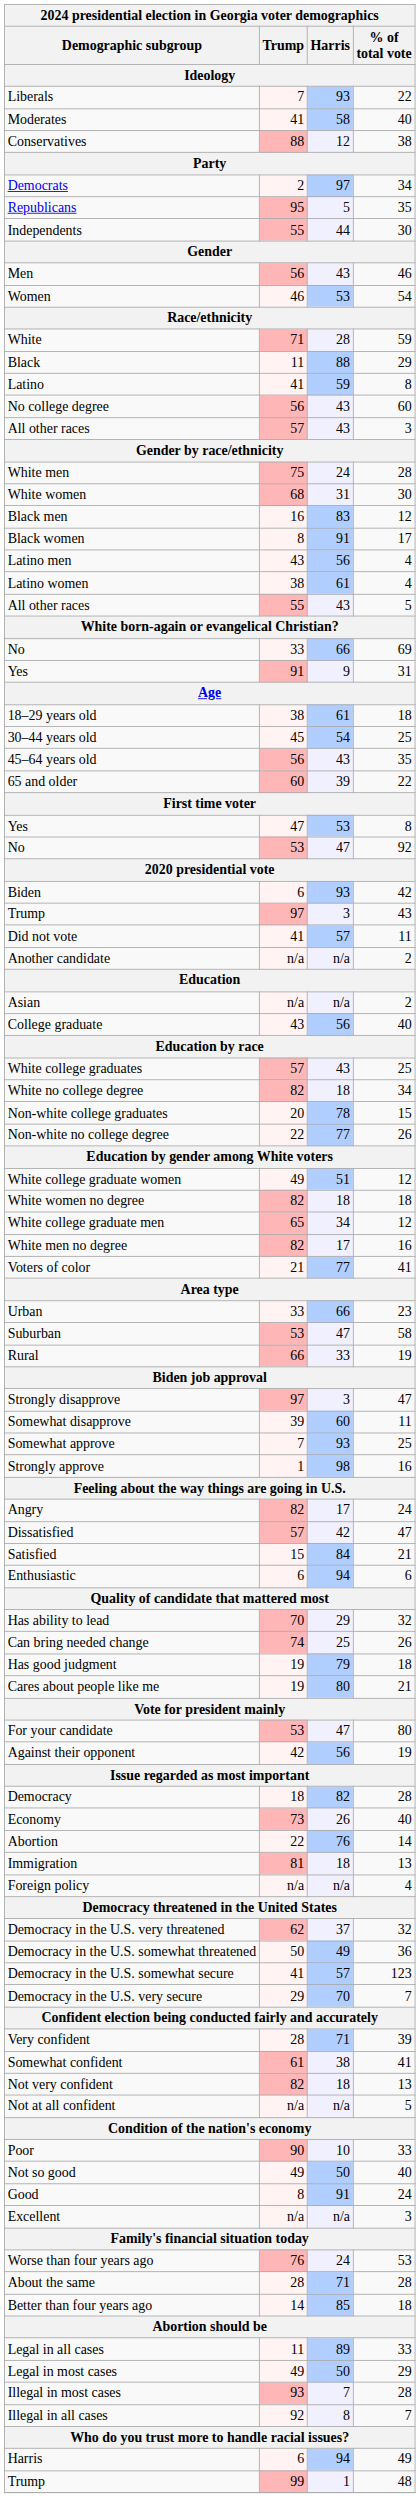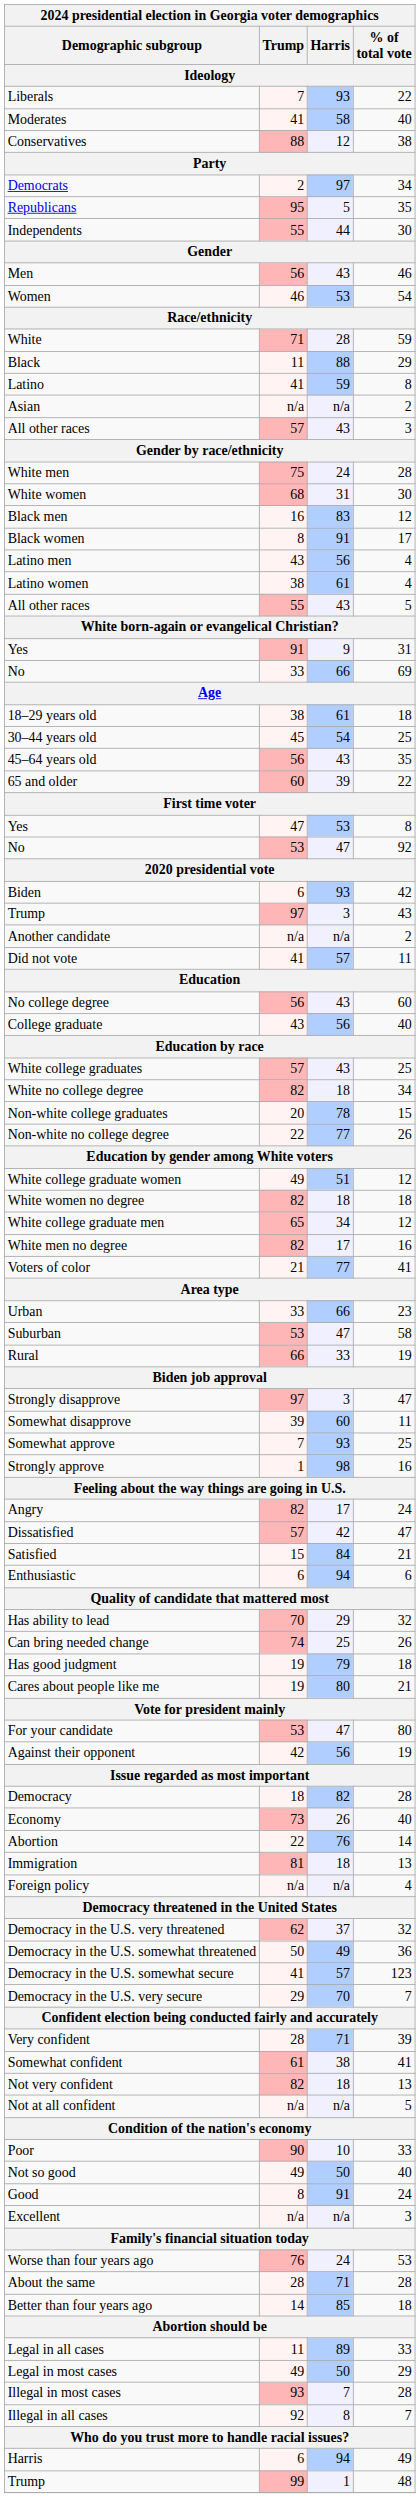 <table class="wikitable sortable">
 <tr>
 <th colspan="4">2024 presidential election in Georgia voter demographics</th>
 </tr>
 <tr>
 <th>Demographic subgroup</th>
 <th>Trump</th>
 <th>Harris</th>
 <th>% of<br>total vote</th>
 </tr>
 <tr>
 <th colspan="4">Ideology</th>
 </tr>
 <tr>
 <td>Liberals</td>
 <td style="text-align:right; background:#fff3f3;">7</td>
 <td style="text-align:right; background:#b0ceff;">93</td>
 <td style="text-align:right;">22</td>
 </tr>
 <tr>
 <td>Moderates</td>
 <td style="text-align:right; background:#fff3f3;">41</td>
 <td style="text-align:right; background:#b0ceff;">58</td>
 <td style="text-align:right;">40</td>
 </tr>
 <tr>
 <td>Conservatives</td>
 <td style="text-align:right; background:#ffb6b6;">88</td>
 <td style="text-align:right; background:#f0f0ff;">12</td>
 <td style="text-align:right;">38</td>
 </tr>
 <tr>
 <th colspan="4">Party</th>
 </tr>
 <tr>
 <td><a href='#'>Democrats</a></td>
 <td style="text-align:right; background:#fff3f3;">2</td>
 <td style="text-align:right; background:#b0ceff;">97</td>
 <td style="text-align:right;">34</td>
 </tr>
 <tr>
 <td><a href='#'>Republicans</a></td>
 <td style="text-align:right; background:#ffb6b6;">95</td>
 <td style="text-align:right; background:#f0f0ff;">5</td>
 <td style="text-align:right;">35</td>
 </tr>
 <tr>
 <td>Independents</td>
 <td style="text-align:right; background:#ffb6b6;">55</td>
 <td style="text-align:right; background:#f0f0ff;">44</td>
 <td style="text-align:right;">30</td>
 </tr>
 <tr>
 <th colspan="4">Gender</th>
 </tr>
 <tr>
 <td>Men</td>
 <td style="text-align:right; background:#ffb6b6;">56</td>
 <td style="text-align:right; background:#f0f0ff;">43</td>
 <td style="text-align:right;">46</td>
 </tr>
 <tr>
 <td>Women</td>
 <td style="text-align:right; background:#fff3f3;">46</td>
 <td style="text-align:right; background:#b0ceff;">53</td>
 <td style="text-align:right;">54</td>
 </tr>
 <tr>
 <th colspan="4">Race/ethnicity</th>
 </tr>
 <tr>
 <td>White</td>
 <td style="text-align:right; background:#ffb6b6;">71</td>
 <td style="text-align:right; background:#f0f0ff;">28</td>
 <td style="text-align:right;">59</td>
 </tr>
 <tr>
 <td>Black</td>
 <td style="text-align:right; background:#fff3f3;">11</td>
 <td style="text-align:right; background:#b0ceff;">88</td>
 <td style="text-align:right;">29</td>
 </tr>
 <tr>
 <td>Latino</td>
 <td style="text-align:right; background:#fff3f3;">41</td>
 <td style="text-align:right; background:#b0ceff;">59</td>
 <td style="text-align:right;">8</td>
 </tr>
 <tr>
-<td>No college degree</td>
-<td style="text-align:right; background:#ffb6b6;">56</td>
-<td style="text-align:right; background:#f0f0ff;">43</td>
-<td style="text-align:right;">60</td>
+<td>Asian</td>
+<td style="text-align:right; background:#fff3f3;">n/a</td>
+<td style="text-align:right; background:#f0f0ff;">n/a</td>
+<td style="text-align:right;">2</td>
 </tr>
 <tr>
 <td>All other races</td>
 <td style="text-align:right; background:#ffb6b6;">57</td>
 <td style="text-align:right; background:#f0f0ff;">43</td>
 <td style="text-align:right;">3</td>
 </tr>
 <tr>
 <th colspan="4">Gender by race/ethnicity</th>
 </tr>
 <tr>
 <td>White men</td>
 <td style="text-align:right; background:#ffb6b6;">75</td>
 <td style="text-align:right; background:#f0f0ff;">24</td>
 <td style="text-align:right;">28</td>
 </tr>
 <tr>
 <td>White women</td>
 <td style="text-align:right; background:#ffb6b6;">68</td>
 <td style="text-align:right; background:#f0f0ff;">31</td>
 <td style="text-align:right;">30</td>
 </tr>
 <tr>
 <td>Black men</td>
 <td style="text-align:right; background:#fff3f3;">16</td>
 <td style="text-align:right; background:#b0ceff;">83</td>
 <td style="text-align:right;">12</td>
 </tr>
 <tr>
 <td>Black women</td>
 <td style="text-align:right; background:#fff3f3;">8</td>
 <td style="text-align:right; background:#b0ceff;">91</td>
 <td style="text-align:right;">17</td>
 </tr>
 <tr>
 <td>Latino men</td>
 <td style="text-align:right; background:#fff3f3;">43</td>
 <td style="text-align:right; background:#b0ceff;">56</td>
 <td style="text-align:right;">4</td>
 </tr>
 <tr>
 <td>Latino women</td>
 <td style="text-align:right; background:#fff3f3;">38</td>
 <td style="text-align:right; background:#b0ceff;">61</td>
 <td style="text-align:right;">4</td>
 </tr>
 <tr>
 <td>All other races</td>
 <td style="text-align:right; background:#ffb6b6;">55</td>
 <td style="text-align:right; background:#f0f0ff;">43</td>
 <td style="text-align:right;">5</td>
 </tr>
 <tr>
 <th colspan="4">White born-again or evangelical Christian?</th>
 </tr>
 <tr>
+<td>Yes</td>
+<td style="text-align:right; background:#ffb6b6;">91</td>
+<td style="text-align:right; background:#f0f0ff;">9</td>
+<td style="text-align:right;">31</td>
+</tr>
+<tr>
 <td>No</td>
 <td style="text-align:right; background:#fff3f3;">33</td>
 <td style="text-align:right; background:#b0ceff;">66</td>
 <td style="text-align:right;">69</td>
-</tr>
-<tr>
-<td>Yes</td>
-<td style="text-align:right; background:#ffb6b6;">91</td>
-<td style="text-align:right; background:#f0f0ff;">9</td>
-<td style="text-align:right;">31</td>
 </tr>
 <tr>
 <th colspan="4"><a href='#'>Age</a></th>
 </tr>
 <tr>
 <td>18–29 years old</td>
 <td style="text-align:right; background:#fff3f3;">38</td>
 <td style="text-align:right; background:#b0ceff;">61</td>
 <td style="text-align:right;">18</td>
 </tr>
 <tr>
 <td>30–44 years old</td>
 <td style="text-align:right; background:#fff3f3;">45</td>
 <td style="text-align:right; background:#b0ceff;">54</td>
 <td style="text-align:right;">25</td>
 </tr>
 <tr>
 <td>45–64 years old</td>
 <td style="text-align:right; background:#ffb6b6;">56</td>
 <td style="text-align:right; background:#f0f0ff;">43</td>
 <td style="text-align:right;">35</td>
 </tr>
 <tr>
 <td>65 and older</td>
 <td style="text-align:right; background:#ffb6b6;">60</td>
 <td style="text-align:right; background:#f0f0ff;">39</td>
 <td style="text-align:right;">22</td>
 </tr>
 <tr>
 <th colspan="4">First time voter</th>
 </tr>
 <tr>
 <td>Yes</td>
 <td style="text-align:right; background:#fff3f3;">47</td>
 <td style="text-align:right; background:#b0ceff;">53</td>
 <td style="text-align:right;">8</td>
 </tr>
 <tr>
 <td>No</td>
 <td style="text-align:right; background:#ffb6b6;">53</td>
 <td style="text-align:right; background:#f0f0ff;">47</td>
 <td style="text-align:right;">92</td>
 </tr>
 <tr>
 <th colspan="4">2020 presidential vote</th>
 </tr>
 <tr>
 <td>Biden</td>
 <td style="text-align:right; background:#fff3f3;">6</td>
 <td style="text-align:right; background:#b0ceff;">93</td>
 <td style="text-align:right;">42</td>
 </tr>
 <tr>
 <td>Trump</td>
 <td style="text-align:right; background:#ffb6b6;">97</td>
 <td style="text-align:right; background:#f0f0ff;">3</td>
 <td style="text-align:right;">43</td>
 </tr>
 <tr>
+<td>Another candidate</td>
+<td style="text-align:right; background:#fff3f3;">n/a</td>
+<td style="text-align:right; background:#f0f0ff;">n/a</td>
+<td style="text-align:right;">2</td>
+</tr>
+<tr>
 <td>Did not vote</td>
 <td style="text-align:right; background:#fff3f3;">41</td>
 <td style="text-align:right; background:#b0ceff;">57</td>
 <td style="text-align:right;">11</td>
 </tr>
 <tr>
-<td>Another candidate</td>
-<td style="text-align:right; background:#fff3f3;">n/a</td>
-<td style="text-align:right; background:#f0f0ff;">n/a</td>
-<td style="text-align:right;">2</td>
-</tr>
-<tr>
 <th colspan="4">Education</th>
 </tr>
 <tr>
-<td>Asian</td>
-<td style="text-align:right; background:#fff3f3;">n/a</td>
-<td style="text-align:right; background:#f0f0ff;">n/a</td>
-<td style="text-align:right;">2</td>
+<td>No college degree</td>
+<td style="text-align:right; background:#ffb6b6;">56</td>
+<td style="text-align:right; background:#f0f0ff;">43</td>
+<td style="text-align:right;">60</td>
 </tr>
 <tr>
 <td>College graduate</td>
 <td style="text-align:right; background:#fff3f3;">43</td>
 <td style="text-align:right; background:#b0ceff;">56</td>
 <td style="text-align:right;">40</td>
 </tr>
 <tr>
 <th colspan="4">Education by race</th>
 </tr>
 <tr>
 <td>White college graduates</td>
 <td style="text-align:right; background:#ffb6b6;">57</td>
 <td style="text-align:right; background:#f0f0ff;">43</td>
 <td style="text-align:right;">25</td>
 </tr>
 <tr>
 <td>White no college degree</td>
 <td style="text-align:right; background:#ffb6b6;">82</td>
 <td style="text-align:right; background:#f0f0ff;">18</td>
 <td style="text-align:right;">34</td>
 </tr>
 <tr>
 <td>Non-white college graduates</td>
 <td style="text-align:right; background:#fff3f3;">20</td>
 <td style="text-align:right; background:#b0ceff;">78</td>
 <td style="text-align:right;">15</td>
 </tr>
 <tr>
 <td>Non-white no college degree</td>
 <td style="text-align:right; background:#fff3f3;">22</td>
 <td style="text-align:right; background:#b0ceff;">77</td>
 <td style="text-align:right;">26</td>
 </tr>
 <tr>
 <th colspan="4">Education by gender among White voters</th>
 </tr>
 <tr>
 <td>White college graduate women</td>
 <td style="text-align:right; background:#fff3f3;">49</td>
 <td style="text-align:right; background:#b0ceff;">51</td>
 <td style="text-align:right;">12</td>
 </tr>
 <tr>
 <td>White women no degree</td>
 <td style="text-align:right; background:#ffb6b6;">82</td>
 <td style="text-align:right; background:#f0f0ff;">18</td>
 <td style="text-align:right;">18</td>
 </tr>
 <tr>
 <td>White college graduate men</td>
 <td style="text-align:right; background:#ffb6b6;">65</td>
 <td style="text-align:right; background:#f0f0ff;">34</td>
 <td style="text-align:right;">12</td>
 </tr>
 <tr>
 <td>White men no degree</td>
 <td style="text-align:right; background:#ffb6b6;">82</td>
 <td style="text-align:right; background:#f0f0ff;">17</td>
 <td style="text-align:right;">16</td>
 </tr>
 <tr>
 <td>Voters of color</td>
 <td style="text-align:right; background:#fff3f3;">21</td>
 <td style="text-align:right; background:#b0ceff;">77</td>
 <td style="text-align:right;">41</td>
 </tr>
 <tr>
 <th colspan="4">Area type</th>
 </tr>
 <tr>
 <td>Urban</td>
 <td style="text-align:right; background:#fff3f3;">33</td>
 <td style="text-align:right; background:#b0ceff;">66</td>
 <td style="text-align:right;">23</td>
 </tr>
 <tr>
 <td>Suburban</td>
 <td style="text-align:right; background:#ffb6b6;">53</td>
 <td style="text-align:right; background:#f0f0ff;">47</td>
 <td style="text-align:right;">58</td>
 </tr>
 <tr>
 <td>Rural</td>
 <td style="text-align:right; background:#ffb6b6;">66</td>
 <td style="text-align:right; background:#f0f0ff;">33</td>
 <td style="text-align:right;">19</td>
 </tr>
 <tr>
 <th colspan="4">Biden job approval</th>
 </tr>
 <tr>
 <td>Strongly disapprove</td>
 <td style="text-align:right; background:#ffb6b6;">97</td>
 <td style="text-align:right; background:#f0f0ff;">3</td>
 <td style="text-align:right;">47</td>
 </tr>
 <tr>
 <td>Somewhat disapprove</td>
 <td style="text-align:right; background:#fff3f3;">39</td>
 <td style="text-align:right; background:#b0ceff;">60</td>
 <td style="text-align:right;">11</td>
 </tr>
 <tr>
 <td>Somewhat approve</td>
 <td style="text-align:right; background:#fff3f3;">7</td>
 <td style="text-align:right; background:#b0ceff;">93</td>
 <td style="text-align:right;">25</td>
 </tr>
 <tr>
 <td>Strongly approve</td>
 <td style="text-align:right; background:#fff3f3;">1</td>
 <td style="text-align:right; background:#b0ceff;">98</td>
 <td style="text-align:right;">16</td>
 </tr>
 <tr>
 <th colspan="4">Feeling about the way things are going in U.S.</th>
 </tr>
 <tr>
 <td>Angry</td>
 <td style="text-align:right; background:#ffb6b6;">82</td>
 <td style="text-align:right; background:#f0f0ff;">17</td>
 <td style="text-align:right;">24</td>
 </tr>
 <tr>
 <td>Dissatisfied</td>
 <td style="text-align:right; background:#ffb6b6;">57</td>
 <td style="text-align:right; background:#f0f0ff;">42</td>
 <td style="text-align:right;">47</td>
 </tr>
 <tr>
 <td>Satisfied</td>
 <td style="text-align:right; background:#fff3f3;">15</td>
 <td style="text-align:right; background:#b0ceff;">84</td>
 <td style="text-align:right;">21</td>
 </tr>
 <tr>
 <td>Enthusiastic</td>
 <td style="text-align:right; background:#fff3f3;">6</td>
 <td style="text-align:right; background:#b0ceff;">94</td>
 <td style="text-align:right;">6</td>
 </tr>
 <tr>
 <th colspan="4">Quality of candidate that mattered most</th>
 </tr>
 <tr>
 <td>Has ability to lead</td>
 <td style="text-align:right; background:#ffb6b6;">70</td>
 <td style="text-align:right; background:#f0f0ff;">29</td>
 <td style="text-align:right;">32</td>
 </tr>
 <tr>
 <td>Can bring needed change</td>
 <td style="text-align:right; background:#ffb6b6;">74</td>
 <td style="text-align:right; background:#f0f0ff;">25</td>
 <td style="text-align:right;">26</td>
 </tr>
 <tr>
 <td>Has good judgment</td>
 <td style="text-align:right; background:#fff3f3;">19</td>
 <td style="text-align:right; background:#b0ceff;">79</td>
 <td style="text-align:right;">18</td>
 </tr>
 <tr>
 <td>Cares about people like me</td>
 <td style="text-align:right; background:#fff3f3;">19</td>
 <td style="text-align:right; background:#b0ceff;">80</td>
 <td style="text-align:right;">21</td>
 </tr>
 <tr>
 <th colspan="4">Vote for president mainly</th>
 </tr>
 <tr>
 <td>For your candidate</td>
 <td style="text-align:right; background:#ffb6b6;">53</td>
 <td style="text-align:right; background:#f0f0ff;">47</td>
 <td style="text-align:right;">80</td>
 </tr>
 <tr>
 <td>Against their opponent</td>
 <td style="text-align:right; background:#fff3f3;">42</td>
 <td style="text-align:right; background:#b0ceff;">56</td>
 <td style="text-align:right;">19</td>
 </tr>
 <tr>
 <th colspan="4">Issue regarded as most important</th>
 </tr>
 <tr>
 <td>Democracy</td>
 <td style="text-align:right; background:#fff3f3;">18</td>
 <td style="text-align:right; background:#b0ceff;">82</td>
 <td style="text-align:right;">28</td>
 </tr>
 <tr>
 <td>Economy</td>
 <td style="text-align:right; background:#ffb6b6;">73</td>
 <td style="text-align:right; background:#f0f0ff;">26</td>
 <td style="text-align:right;">40</td>
 </tr>
 <tr>
 <td>Abortion</td>
 <td style="text-align:right; background:#fff3f3;">22</td>
 <td style="text-align:right; background:#b0ceff;">76</td>
 <td style="text-align:right;">14</td>
 </tr>
 <tr>
 <td>Immigration</td>
 <td style="text-align:right; background:#ffb6b6;">81</td>
 <td style="text-align:right; background:#f0f0ff;">18</td>
 <td style="text-align:right;">13</td>
 </tr>
 <tr>
 <td>Foreign policy</td>
 <td style="text-align:right; background:#fff3f3;">n/a</td>
 <td style="text-align:right; background:#f0f0ff;">n/a</td>
 <td style="text-align:right;">4</td>
 </tr>
 <tr>
 <th colspan="4">Democracy threatened in the United States</th>
 </tr>
 <tr>
 <td>Democracy in the U.S. very threatened</td>
 <td style="text-align:right; background:#ffb6b6;">62</td>
 <td style="text-align:right; background:#f0f0ff;">37</td>
 <td style="text-align:right;">32</td>
 </tr>
 <tr>
 <td>Democracy in the U.S. somewhat threatened</td>
 <td style="text-align:right; background:#fff3f3;">50</td>
 <td style="text-align:right; background:#b0ceff;">49</td>
 <td style="text-align:right;">36</td>
 </tr>
 <tr>
 <td>Democracy in the U.S. somewhat secure</td>
 <td style="text-align:right; background:#fff3f3;">41</td>
 <td style="text-align:right; background:#b0ceff;">57</td>
 <td style="text-align:right;">123</td>
 </tr>
 <tr>
 <td>Democracy in the U.S. very secure</td>
 <td style="text-align:right; background:#fff3f3;">29</td>
 <td style="text-align:right; background:#b0ceff;">70</td>
 <td style="text-align:right;">7</td>
 </tr>
 <tr>
 <th colspan="4">Confident election being conducted fairly and accurately</th>
 </tr>
 <tr>
 <td>Very confident</td>
 <td style="text-align:right; background:#fff3f3;">28</td>
 <td style="text-align:right; background:#b0ceff;">71</td>
 <td style="text-align:right;">39</td>
 </tr>
 <tr>
 <td>Somewhat confident</td>
 <td style="text-align:right; background:#ffb6b6;">61</td>
 <td style="text-align:right; background:#f0f0ff;">38</td>
 <td style="text-align:right;">41</td>
 </tr>
 <tr>
 <td>Not very confident</td>
 <td style="text-align:right; background:#ffb6b6;">82</td>
 <td style="text-align:right; background:#f0f0ff;">18</td>
 <td style="text-align:right;">13</td>
 </tr>
 <tr>
 <td>Not at all confident</td>
 <td style="text-align:right; background:#fff3f3;">n/a</td>
 <td style="text-align:right; background:#f0f0ff;">n/a</td>
 <td style="text-align:right;">5</td>
 </tr>
 <tr>
 <th colspan="4">Condition of the nation's economy</th>
 </tr>
 <tr>
 <td>Poor</td>
 <td style="text-align:right; background:#ffb6b6;">90</td>
 <td style="text-align:right; background:#f0f0ff;">10</td>
 <td style="text-align:right;">33</td>
 </tr>
 <tr>
 <td>Not so good</td>
 <td style="text-align:right; background:#fff3f3;">49</td>
 <td style="text-align:right; background:#b0ceff;">50</td>
 <td style="text-align:right;">40</td>
 </tr>
 <tr>
 <td>Good</td>
 <td style="text-align:right; background:#fff3f3;">8</td>
 <td style="text-align:right; background:#b0ceff;">91</td>
 <td style="text-align:right;">24</td>
 </tr>
 <tr>
 <td>Excellent</td>
 <td style="text-align:right; background:#fff3f3;">n/a</td>
 <td style="text-align:right; background:#f0f0ff;">n/a</td>
 <td style="text-align:right;">3</td>
 </tr>
 <tr>
 <th colspan="4">Family's financial situation today</th>
 </tr>
 <tr>
 <td>Worse than four years ago</td>
 <td style="text-align:right; background:#ffb6b6;">76</td>
 <td style="text-align:right; background:#f0f0ff;">24</td>
 <td style="text-align:right;">53</td>
 </tr>
 <tr>
 <td>About the same</td>
 <td style="text-align:right; background:#fff3f3;">28</td>
 <td style="text-align:right; background:#b0ceff;">71</td>
 <td style="text-align:right;">28</td>
 </tr>
 <tr>
 <td>Better than four years ago</td>
 <td style="text-align:right; background:#fff3f3;">14</td>
 <td style="text-align:right; background:#b0ceff;">85</td>
 <td style="text-align:right;">18</td>
 </tr>
 <tr>
 <th colspan="4">Abortion should be</th>
 </tr>
 <tr>
 <td>Legal in all cases</td>
 <td style="text-align:right; background:#fff3f3;">11</td>
 <td style="text-align:right; background:#b0ceff;">89</td>
 <td style="text-align:right;">33</td>
 </tr>
 <tr>
 <td>Legal in most cases</td>
 <td style="text-align:right; background:#fff3f3;">49</td>
 <td style="text-align:right; background:#b0ceff;">50</td>
 <td style="text-align:right;">29</td>
 </tr>
 <tr>
 <td>Illegal in most cases</td>
 <td style="text-align:right; background:#ffb6b6;">93</td>
 <td style="text-align:right; background:#f0f0ff;">7</td>
 <td style="text-align:right;">28</td>
 </tr>
 <tr>
 <td>Illegal in all cases</td>
 <td style="text-align:right; background:#fff3f3;">92</td>
 <td style="text-align:right; background:#f0f0ff;">8</td>
 <td style="text-align:right;">7</td>
 </tr>
 <tr>
 <th colspan="4">Who do you trust more to handle racial issues?</th>
 </tr>
 <tr>
 <td>Harris</td>
 <td style="text-align:right; background:#fff3f3;">6</td>
 <td style="text-align:right; background:#b0ceff;">94</td>
 <td style="text-align:right;">49</td>
 </tr>
 <tr>
 <td>Trump</td>
 <td style="text-align:right; background:#ffb6b6;">99</td>
 <td style="text-align:right; background:#f0f0ff;">1</td>
 <td style="text-align:right;">48</td>
 </tr>
 <tr>
 </tr>
 </table>
